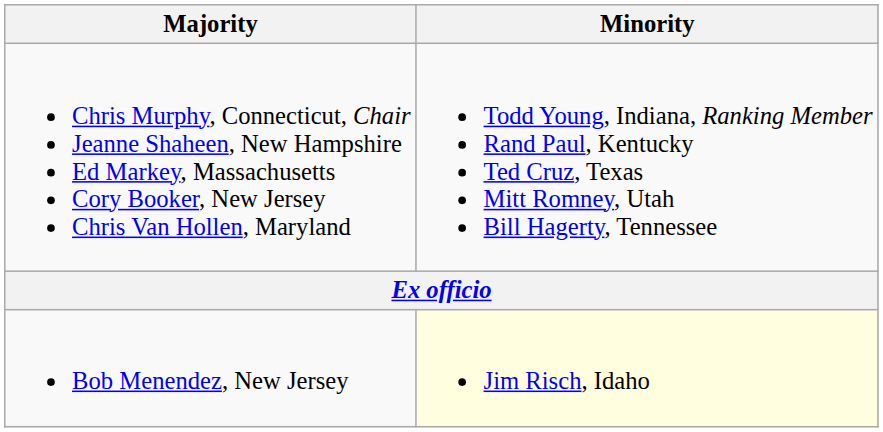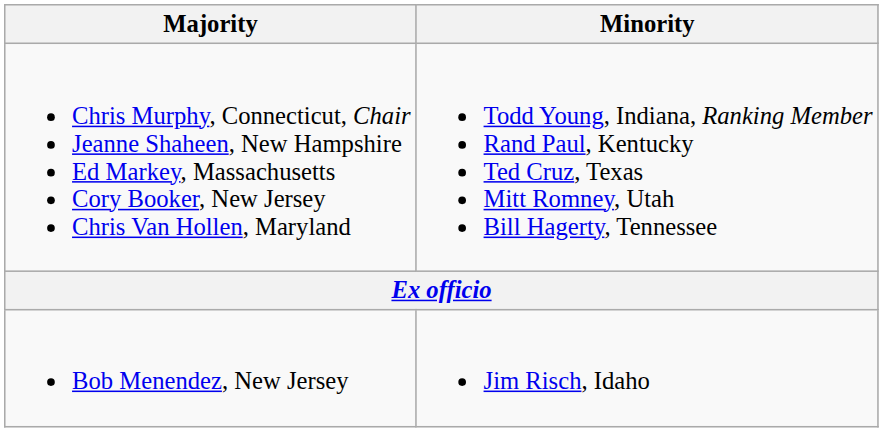 <table class=wikitable>
 <tr>
 <th>Majority</th>
 <th>Minority</th>
 </tr>
 <tr>
 <td><br><ul><li><a href='#'>Chris Murphy</a>, Connecticut, <em>Chair</em></li><li><a href='#'>Jeanne Shaheen</a>, New Hampshire</li><li><a href='#'>Ed Markey</a>, Massachusetts</li><li><a href='#'>Cory Booker</a>, New Jersey</li><li><a href='#'>Chris Van Hollen</a>, Maryland</li></ul></td>
 <td><br><ul><li><a href='#'>Todd Young</a>, Indiana, <em>Ranking Member</em></li><li><a href='#'>Rand Paul</a>, Kentucky</li><li><a href='#'>Ted Cruz</a>, Texas</li><li><a href='#'>Mitt Romney</a>, Utah</li><li><a href='#'>Bill Hagerty</a>, Tennessee</li></ul></td>
 </tr>
 <tr>
 <th colspan=2><em><a href='#'>Ex officio</a></em></th>
 </tr>
 <tr>
 <td><br><ul><li><a href='#'>Bob Menendez</a>, New Jersey</li></ul></td>
-<td style="background: lightyellow;"><br><ul><li><a href='#'>Jim Risch</a>, Idaho</li></ul></td>
+<td><br><ul><li><a href='#'>Jim Risch</a>, Idaho</li></ul></td>
 </tr>
 </table>
